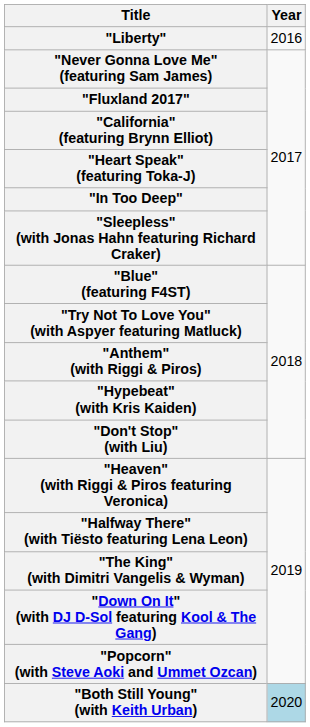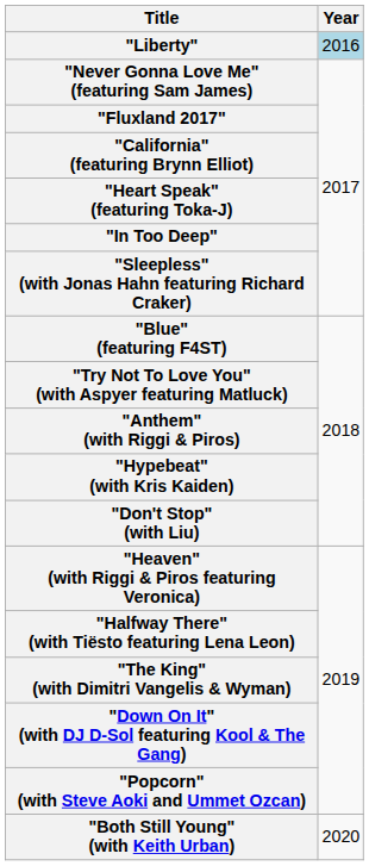 <table class="wikitable plainrowheaders" style="text-align:center;">
 <tr>
 <th style="width:18em;">Title</th>
 <th style="width:2em;">Year</th>
 </tr>
 <tr>
 <th scope="row">"Liberty"</th>
-<td>2016</td>
+<td style="background: lightblue;">2016</td>
 </tr>
 <tr>
 <th scope="row">"Never Gonna Love Me" <br><span>(featuring Sam James)</span></th>
 <td rowspan="6">2017</td>
 </tr>
 <tr>
 <th scope="row">"Fluxland 2017"</th>
 </tr>
 <tr>
 <th scope="row">"California" <br><span>(featuring Brynn Elliot)</span></th>
 </tr>
 <tr>
 <th scope="row">"Heart Speak" <br><span>(featuring Toka-J)</span></th>
 </tr>
 <tr>
 <th scope="row">"In Too Deep"</th>
 </tr>
 <tr>
 <th scope="row">"Sleepless" <br><span>(with Jonas Hahn featuring Richard Craker)</span></th>
 </tr>
 <tr>
 <th scope="row">"Blue" <br><span>(featuring F4ST)</span></th>
 <td rowspan="5">2018</td>
 </tr>
 <tr>
 <th scope="row">"Try Not To Love You" <br><span>(with Aspyer featuring Matluck)</span></th>
 </tr>
 <tr>
 <th scope="row">"Anthem" <br><span>(with Riggi & Piros)</span></th>
 </tr>
 <tr>
 <th scope="row">"Hypebeat" <br><span>(with Kris Kaiden)</span></th>
 </tr>
 <tr>
 <th scope="row">"Don't Stop" <br><span>(with Liu)</span></th>
 </tr>
 <tr>
 <th scope="row">"Heaven" <br><span>(with Riggi & Piros featuring Veronica)</span></th>
 <td rowspan="5">2019</td>
 </tr>
 <tr>
 <th scope="row">"Halfway There" <br><span>(with Tiësto featuring Lena Leon)</span></th>
 </tr>
 <tr>
 <th scope="row">"The King" <br><span>(with Dimitri Vangelis & Wyman)</span></th>
 </tr>
 <tr>
 <th scope="row">"<a href='#'>Down On It</a>" <br><span>(with <a href='#'>DJ D-Sol</a> featuring <a href='#'>Kool & The Gang</a>)</span></th>
 </tr>
 <tr>
 <th scope="row">"Popcorn" <br><span>(with <a href='#'>Steve Aoki</a> and <a href='#'>Ummet Ozcan</a>)</span></th>
 </tr>
 <tr>
 <th scope="row">"Both Still Young" <br><span>(with <a href='#'>Keith Urban</a>)</span></th>
-<td style="background: lightblue;">2020</td>
+<td>2020</td>
 </tr>
 </table>
